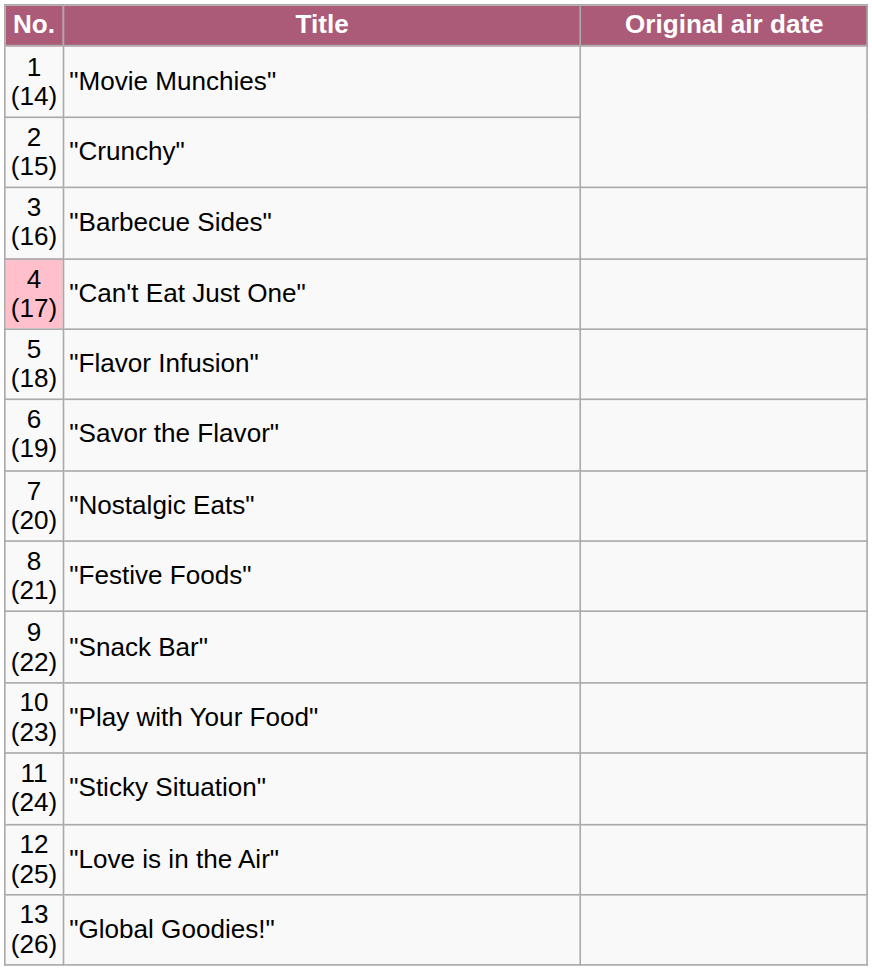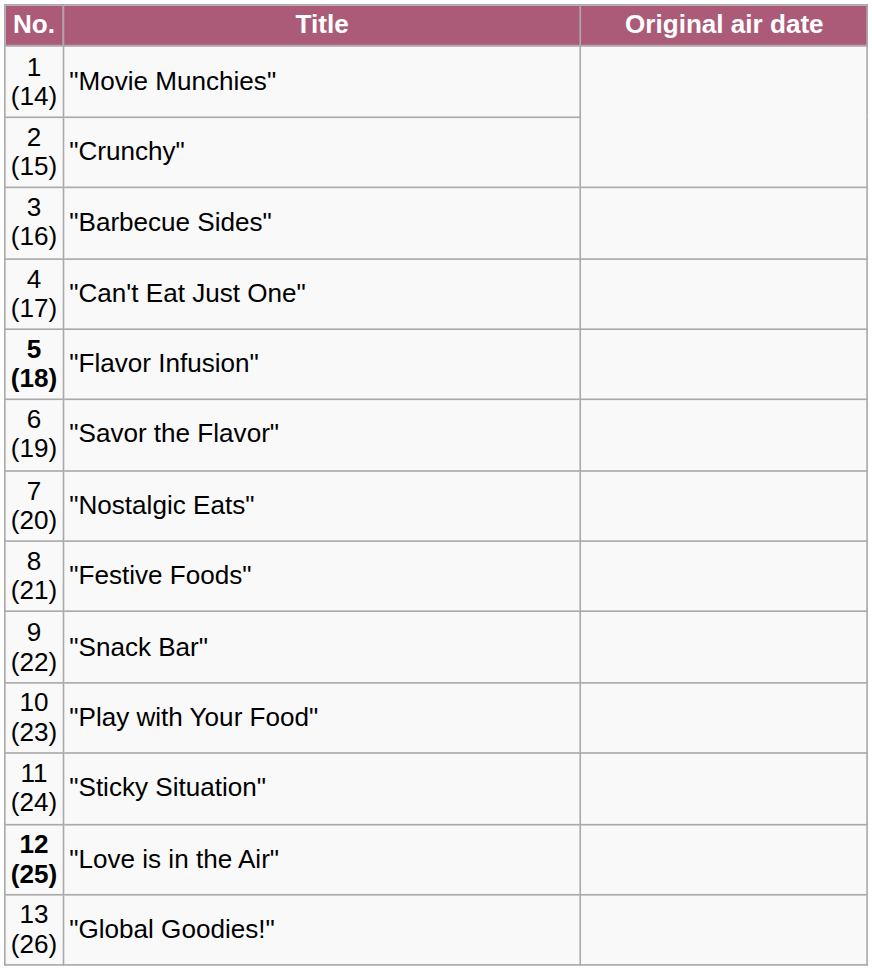 <table class="wikitable plainrowheaders" style="width:60%;">
 <tr>
 <th style="background-color: #ab5b78; color: #FFFFFF;" width=5%>No.</th>
 <th style="background-color: #ab5b78; color: #FFFFFF;" width=60%>Title</th>
 <th style="background-color: #ab5b78; color: #FFFFFF;">Original air date</th>
 </tr>
 <tr>
 <td align=center>1 (14)</td>
 <td>"Movie Munchies"</td>
 <td rowspan=2 align=center></td>
 </tr>
 <tr>
 <td align=center>2 (15)</td>
 <td>"Crunchy"</td>
 </tr>
 <tr>
 <td align=center>3 (16)</td>
 <td>"Barbecue Sides"</td>
 <td align=center></td>
 </tr>
 <tr>
-<td align=center style="background: pink;">4 (17)</td>
+<td align=center>4 (17)</td>
 <td>"Can't Eat Just One"</td>
 <td align=center></td>
 </tr>
 <tr>
-<td align=center>5 (18)</td>
+<td align=center><strong>5 (18)</strong></td>
 <td>"Flavor Infusion"</td>
 <td align=center></td>
 </tr>
 <tr>
 <td align=center>6 (19)</td>
 <td>"Savor the Flavor"</td>
 <td align=center></td>
 </tr>
 <tr>
 <td align=center>7 (20)</td>
 <td>"Nostalgic Eats"</td>
 <td align=center></td>
 </tr>
 <tr>
 <td align=center>8 (21)</td>
 <td>"Festive Foods"</td>
 <td align=center></td>
 </tr>
 <tr>
 <td align=center>9 (22)</td>
 <td>"Snack Bar"</td>
 <td align=center></td>
 </tr>
 <tr>
 <td align=center>10 (23)</td>
 <td>"Play with Your Food"</td>
 <td align=center></td>
 </tr>
 <tr>
 <td align=center>11 (24)</td>
 <td>"Sticky Situation"</td>
 <td align=center></td>
 </tr>
 <tr>
-<td align=center>12 (25)</td>
+<td align=center><strong>12 (25)</strong></td>
 <td>"Love is in the Air"</td>
 <td align=center></td>
 </tr>
 <tr>
 <td align=center>13 (26)</td>
 <td>"Global Goodies!"</td>
 <td align=center></td>
 </tr>
 </table>
